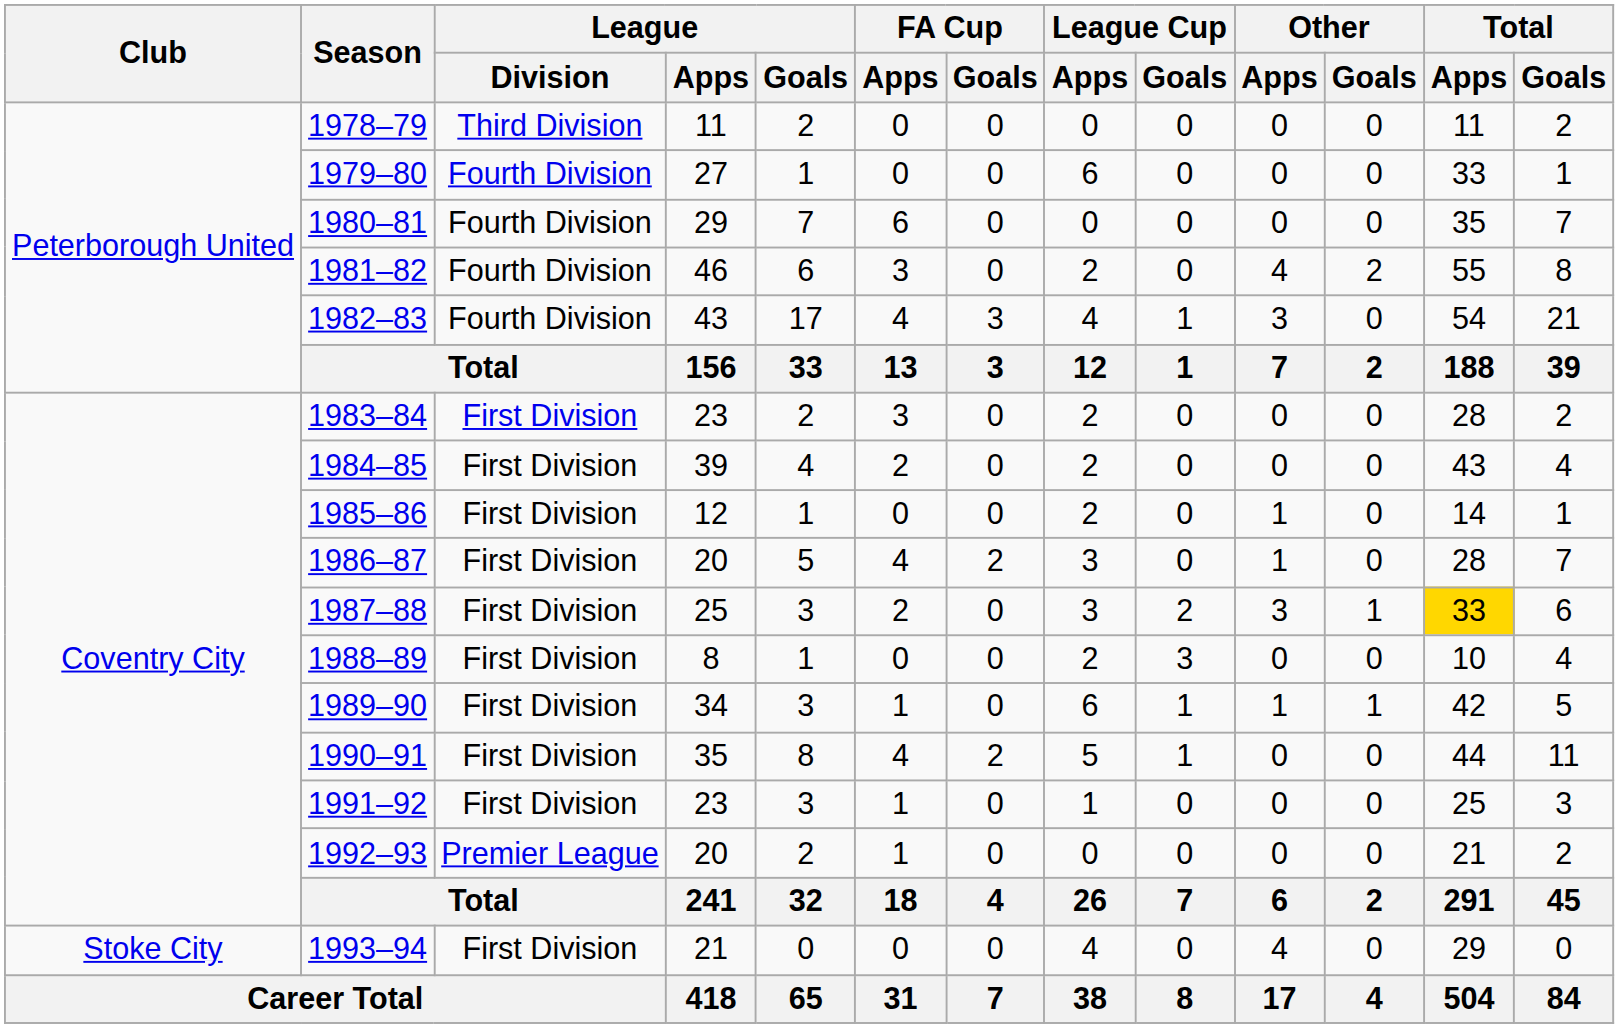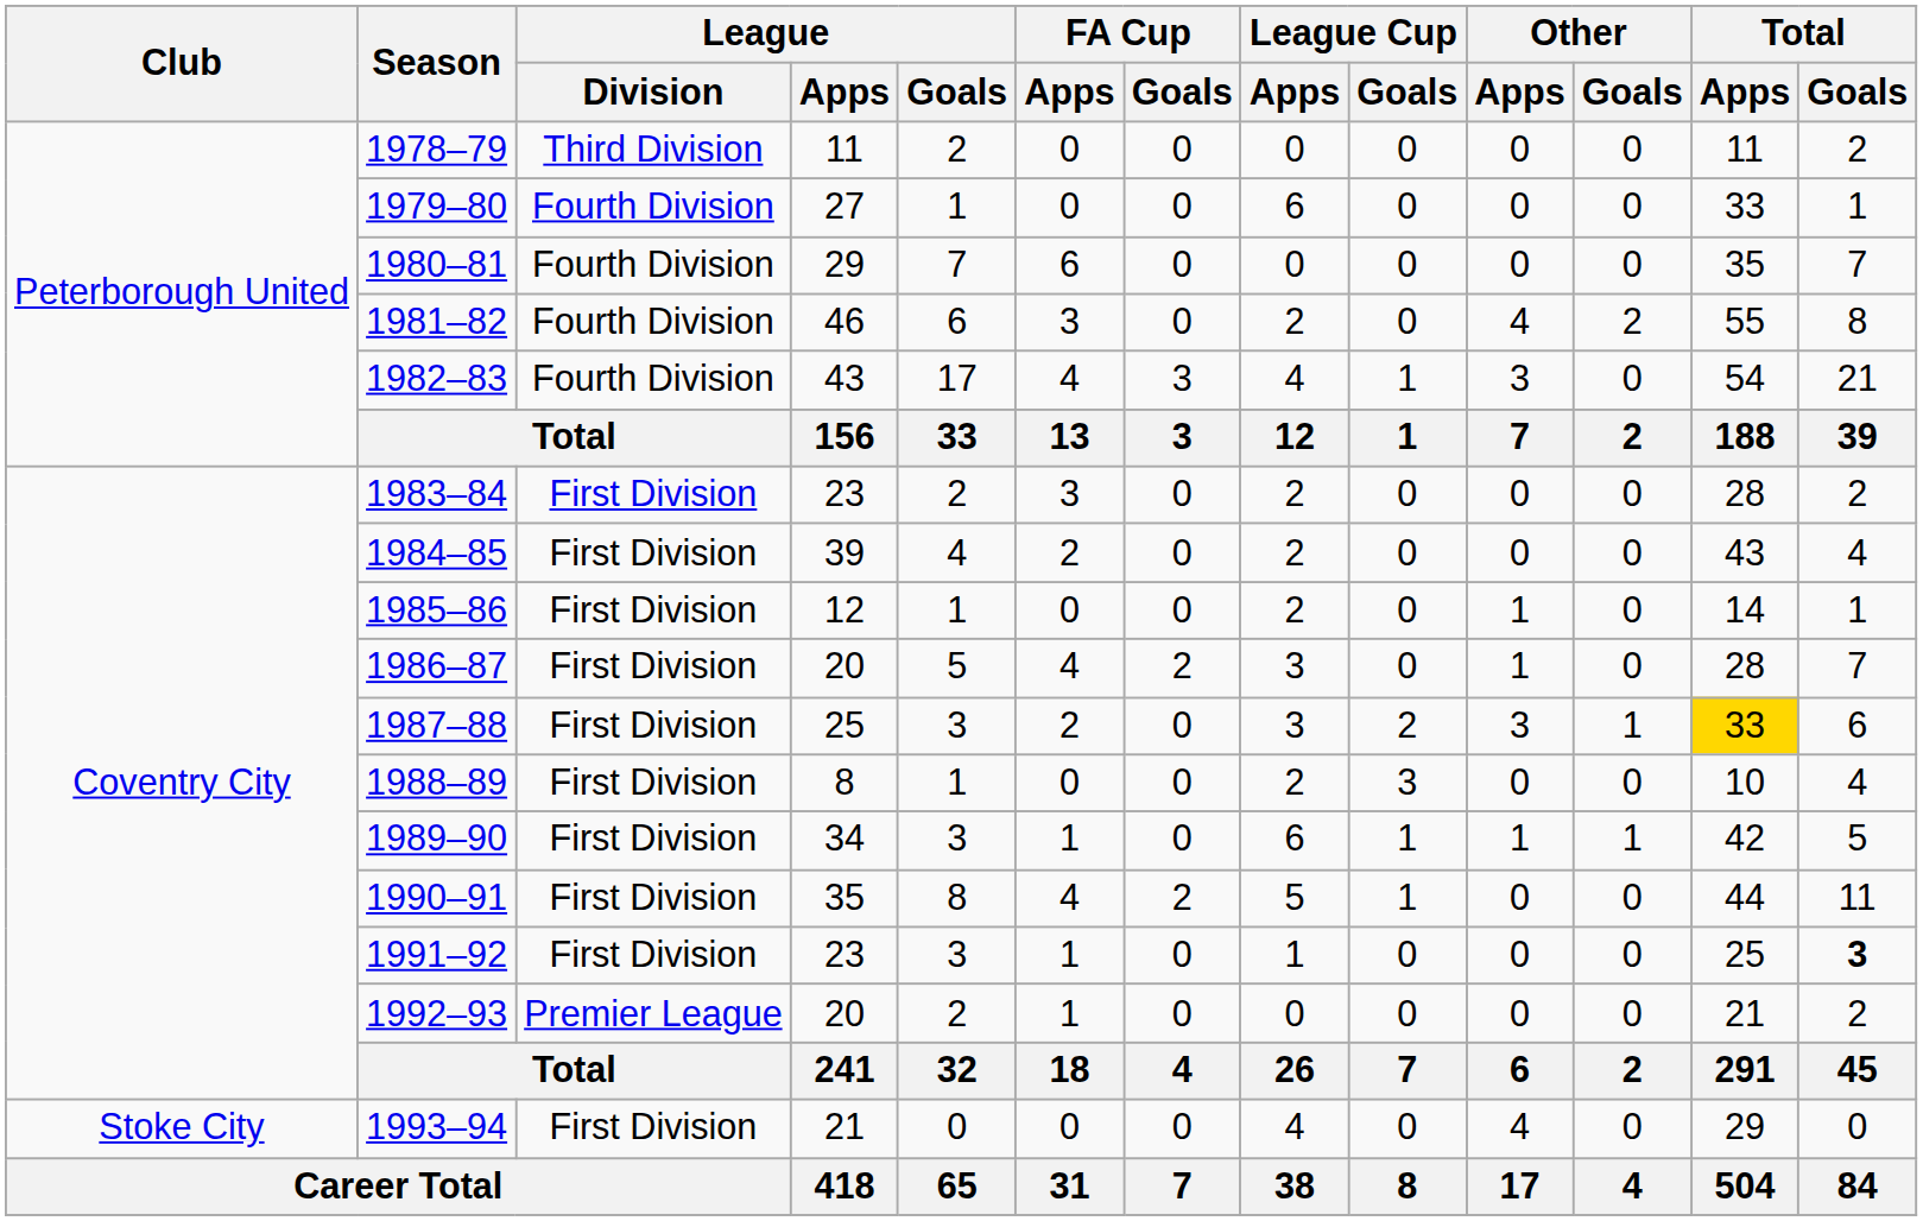 <table class="wikitable" style="text-align: center;">
 <tr>
 <th rowspan="2">Club</th>
 <th rowspan="2">Season</th>
 <th colspan="3">League</th>
 <th colspan="2">FA Cup</th>
 <th colspan="2">League Cup</th>
 <th colspan="2">Other</th>
 <th colspan="2">Total</th>
 </tr>
 <tr>
 <th>Division</th>
 <th>Apps</th>
 <th>Goals</th>
 <th>Apps</th>
 <th>Goals</th>
 <th>Apps</th>
 <th>Goals</th>
 <th>Apps</th>
 <th>Goals</th>
 <th>Apps</th>
 <th>Goals</th>
 </tr>
 <tr>
 <td rowspan="6"><a href='#'>Peterborough United</a></td>
 <td><a href='#'>1978–79</a></td>
 <td><a href='#'>Third Division</a></td>
 <td>11</td>
 <td>2</td>
 <td>0</td>
 <td>0</td>
 <td>0</td>
 <td>0</td>
 <td>0</td>
 <td>0</td>
 <td>11</td>
 <td>2</td>
 </tr>
 <tr>
 <td><a href='#'>1979–80</a></td>
 <td><a href='#'>Fourth Division</a></td>
 <td>27</td>
 <td>1</td>
 <td>0</td>
 <td>0</td>
 <td>6</td>
 <td>0</td>
 <td>0</td>
 <td>0</td>
 <td>33</td>
 <td>1</td>
 </tr>
 <tr>
 <td><a href='#'>1980–81</a></td>
 <td>Fourth Division</td>
 <td>29</td>
 <td>7</td>
 <td>6</td>
 <td>0</td>
 <td>0</td>
 <td>0</td>
 <td>0</td>
 <td>0</td>
 <td>35</td>
 <td>7</td>
 </tr>
 <tr>
 <td><a href='#'>1981–82</a></td>
 <td>Fourth Division</td>
 <td>46</td>
 <td>6</td>
 <td>3</td>
 <td>0</td>
 <td>2</td>
 <td>0</td>
 <td>4</td>
 <td>2</td>
 <td>55</td>
 <td>8</td>
 </tr>
 <tr>
 <td><a href='#'>1982–83</a></td>
 <td>Fourth Division</td>
 <td>43</td>
 <td>17</td>
 <td>4</td>
 <td>3</td>
 <td>4</td>
 <td>1</td>
 <td>3</td>
 <td>0</td>
 <td>54</td>
 <td>21</td>
 </tr>
 <tr>
 <th colspan="2">Total</th>
 <th>156</th>
 <th>33</th>
 <th>13</th>
 <th>3</th>
 <th>12</th>
 <th>1</th>
 <th>7</th>
 <th>2</th>
 <th>188</th>
 <th>39</th>
 </tr>
 <tr>
 <td rowspan="11"><a href='#'>Coventry City</a></td>
 <td><a href='#'>1983–84</a></td>
 <td><a href='#'>First Division</a></td>
 <td>23</td>
 <td>2</td>
 <td>3</td>
 <td>0</td>
 <td>2</td>
 <td>0</td>
 <td>0</td>
 <td>0</td>
 <td>28</td>
 <td>2</td>
 </tr>
 <tr>
 <td><a href='#'>1984–85</a></td>
 <td>First Division</td>
 <td>39</td>
 <td>4</td>
 <td>2</td>
 <td>0</td>
 <td>2</td>
 <td>0</td>
 <td>0</td>
 <td>0</td>
 <td>43</td>
 <td>4</td>
 </tr>
 <tr>
 <td><a href='#'>1985–86</a></td>
 <td>First Division</td>
 <td>12</td>
 <td>1</td>
 <td>0</td>
 <td>0</td>
 <td>2</td>
 <td>0</td>
 <td>1</td>
 <td>0</td>
 <td>14</td>
 <td>1</td>
 </tr>
 <tr>
 <td><a href='#'>1986–87</a></td>
 <td>First Division</td>
 <td>20</td>
 <td>5</td>
 <td>4</td>
 <td>2</td>
 <td>3</td>
 <td>0</td>
 <td>1</td>
 <td>0</td>
 <td>28</td>
 <td>7</td>
 </tr>
 <tr>
 <td><a href='#'>1987–88</a></td>
 <td>First Division</td>
 <td>25</td>
 <td>3</td>
 <td>2</td>
 <td>0</td>
 <td>3</td>
 <td>2</td>
 <td>3</td>
 <td>1</td>
 <td style="background: gold;">33</td>
 <td>6</td>
 </tr>
 <tr>
 <td><a href='#'>1988–89</a></td>
 <td>First Division</td>
 <td>8</td>
 <td>1</td>
 <td>0</td>
 <td>0</td>
 <td>2</td>
 <td>3</td>
 <td>0</td>
 <td>0</td>
 <td>10</td>
 <td>4</td>
 </tr>
 <tr>
 <td><a href='#'>1989–90</a></td>
 <td>First Division</td>
 <td>34</td>
 <td>3</td>
 <td>1</td>
 <td>0</td>
 <td>6</td>
 <td>1</td>
 <td>1</td>
 <td>1</td>
 <td>42</td>
 <td>5</td>
 </tr>
 <tr>
 <td><a href='#'>1990–91</a></td>
 <td>First Division</td>
 <td>35</td>
 <td>8</td>
 <td>4</td>
 <td>2</td>
 <td>5</td>
 <td>1</td>
 <td>0</td>
 <td>0</td>
 <td>44</td>
 <td>11</td>
 </tr>
 <tr>
 <td><a href='#'>1991–92</a></td>
 <td>First Division</td>
 <td>23</td>
 <td>3</td>
 <td>1</td>
 <td>0</td>
 <td>1</td>
 <td>0</td>
 <td>0</td>
 <td>0</td>
 <td>25</td>
-<td>3</td>
+<td><strong>3</strong></td>
 </tr>
 <tr>
 <td><a href='#'>1992–93</a></td>
 <td><a href='#'>Premier League</a></td>
 <td>20</td>
 <td>2</td>
 <td>1</td>
 <td>0</td>
 <td>0</td>
 <td>0</td>
 <td>0</td>
 <td>0</td>
 <td>21</td>
 <td>2</td>
 </tr>
 <tr>
 <th colspan="2">Total</th>
 <th>241</th>
 <th>32</th>
 <th>18</th>
 <th>4</th>
 <th>26</th>
 <th>7</th>
 <th>6</th>
 <th>2</th>
 <th>291</th>
 <th>45</th>
 </tr>
 <tr>
 <td><a href='#'>Stoke City</a></td>
 <td><a href='#'>1993–94</a></td>
 <td>First Division</td>
 <td>21</td>
 <td>0</td>
 <td>0</td>
 <td>0</td>
 <td>4</td>
 <td>0</td>
 <td>4</td>
 <td>0</td>
 <td>29</td>
 <td>0</td>
 </tr>
 <tr>
 <th colspan="3">Career Total</th>
 <th>418</th>
 <th>65</th>
 <th>31</th>
 <th>7</th>
 <th>38</th>
 <th>8</th>
 <th>17</th>
 <th>4</th>
 <th>504</th>
 <th>84</th>
 </tr>
 </table>
